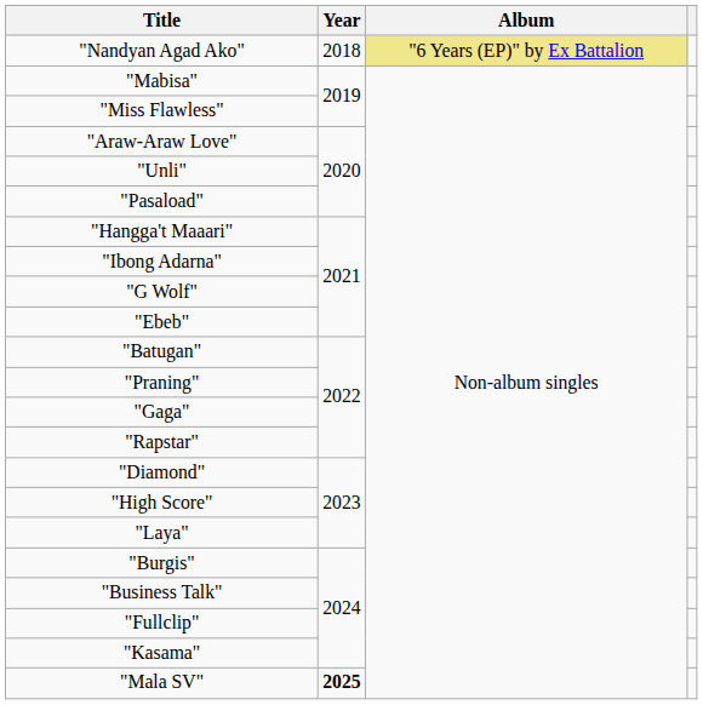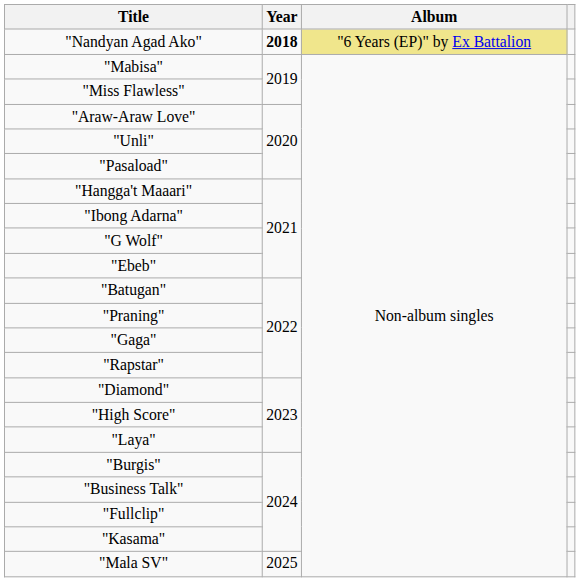 <table class="wikitable plainrowheaders" style="text-align:center;">
 <tr>
 <th scope="col" rowspan="1" style="width:16em;">Title</th>
 <th scope="col" rowspan="1" style="width:2em;">Year</th>
 <th scope="col" rowspan="1" style="width:16.5em;">Album</th>
 <th scope="col" class="unsortable"></th>
 </tr>
 <tr>
 <td scope="row">"Nandyan Agad Ako"</td>
-<td>2018</td>
+<td><strong>2018</strong></td>
 <td style="background: khaki;">"6 Years (EP)" by <a href='#'>Ex Battalion</a></td>
 <td></td>
 </tr>
 <tr>
 <td scope="row">"Mabisa"<br></td>
 <td rowspan="2">2019</td>
 <td rowspan="21" align="center">Non-album singles</td>
 </tr>
 <tr>
 <td scope="row">"Miss Flawless"<br></td>
 <td></td>
 </tr>
 <tr>
 <td scope="row">"Araw-Araw Love"</td>
 <td rowspan="3">2020</td>
 <td></td>
 </tr>
 <tr>
 <td scope="row">"Unli"</td>
 <td></td>
 </tr>
 <tr>
 <td scope="row">"Pasaload"</td>
 <td></td>
 </tr>
 <tr>
 <td scope="row">"Hangga't Maaari"<br></td>
 <td rowspan="4">2021</td>
 <td></td>
 </tr>
 <tr>
 <td scope="row">"Ibong Adarna"<br></td>
 <td></td>
 </tr>
 <tr>
 <td scope="row">"G Wolf"</td>
 <td></td>
 </tr>
 <tr>
 <td scope="row">"Ebeb"</td>
 <td></td>
 </tr>
 <tr>
 <td scope="row">"Batugan"</td>
 <td rowspan="4">2022</td>
 <td></td>
 </tr>
 <tr>
 <td scope="row">"Praning"</td>
 <td></td>
 </tr>
 <tr>
 <td scope="row">"Gaga"<br></td>
 <td></td>
 </tr>
 <tr>
 <td scope="row">"Rapstar"</td>
 <td></td>
 </tr>
 <tr>
 <td scope="row">"Diamond"<br></td>
 <td rowspan="3">2023</td>
 <td></td>
 </tr>
 <tr>
 <td scope="row">"High Score"</td>
 <td></td>
 </tr>
 <tr>
 <td scope="row">"Laya"<br></td>
 <td></td>
 </tr>
 <tr>
 <td scope="row">"Burgis"<br></td>
 <td rowspan="4">2024</td>
 <td></td>
 </tr>
 <tr>
 <td scope="row">"Business Talk"</td>
 <td></td>
 </tr>
 <tr>
 <td scope="row">"Fullclip"<br></td>
 <td></td>
 </tr>
 <tr>
 <td scope="row">"Kasama"<br></td>
 <td></td>
 </tr>
 <tr>
 <td scope="row">"Mala SV"</td>
-<td><strong>2025</strong></td>
+<td>2025</td>
 <td></td>
 </tr>
 </table>
